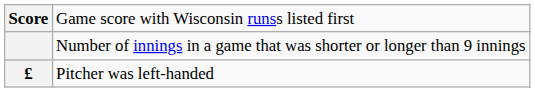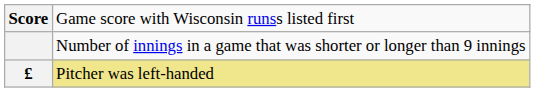 <table class="wikitable plainrowheaders" style="font-size:85%">
 <tr>
 <th scope="row" style="text-align:center"><strong>Score</strong></th>
 <td>Game score with Wisconsin <a href='#'>runs</a>s listed first</td>
 </tr>
 <tr>
 <th scope="row" style="text-align:center"></th>
 <td>Number of <a href='#'>innings</a> in a game that was shorter or longer than 9 innings</td>
 </tr>
 <tr>
 <th scope="row" style="text-align:center">£</th>
-<td>Pitcher was left-handed</td>
+<td style="background: khaki;">Pitcher was left-handed</td>
 </tr>
 </table>
